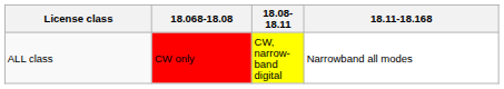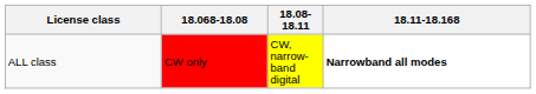 <table class="wikitable" style="font-size:70%">
 <tr>
 <th style="width: 150px;">License class</th>
 <th style="width: 100px;">18.068-18.08</th>
 <th style="width: 50px;">18.08-18.11</th>
 <th style="width: 200px;">18.11-18.168</th>
 </tr>
 <tr>
 <td>ALL class</td>
 <td style="background-color: red">CW only</td>
 <td style="background-color: yellow">CW, narrow-band digital</td>
-<td style="background-color: white">Narrowband all modes</td>
+<td style="background-color: white"><strong>Narrowband all modes</strong></td>
 </tr>
 </table>
